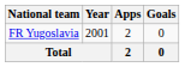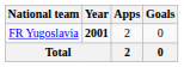 <table class="wikitable" style="text-align:center">
 <tr>
 <th>National team</th>
 <th>Year</th>
 <th>Apps</th>
 <th>Goals</th>
 </tr>
 <tr>
 <td><a href='#'>FR Yugoslavia</a></td>
-<td>2001</td>
+<td><strong>2001</strong></td>
 <td>2</td>
 <td>0</td>
 </tr>
 <tr>
 <th colspan="2">Total</th>
 <th>2</th>
 <th>0</th>
 </tr>
 </table>
